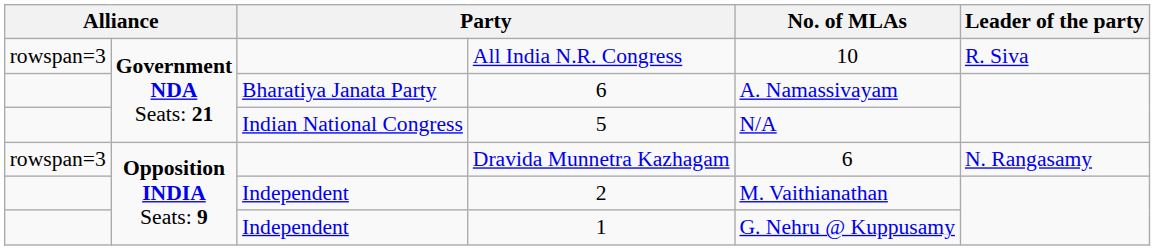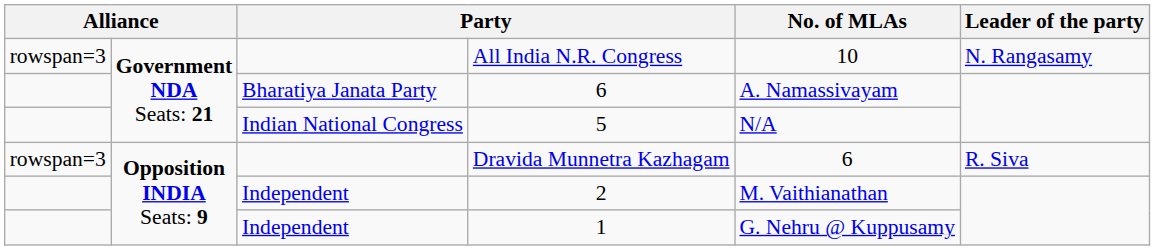 <table class="wikitable">
 <tr>
 <th colspan=2>Alliance</th>
 <th colspan=2>Party</th>
 <th>No. of MLAs</th>
 <th>Leader of the party</th>
 </tr>
 <tr>
 <td>rowspan=3 </td>
 <td rowspan=3 style="text-align:center;"><strong>Government<br><a href='#'>NDA</a></strong><br>Seats: <strong>21</strong></td>
 <td></td>
 <td><a href='#'>All India N.R. Congress</a></td>
 <td style="text-align:center;">10</td>
-<td><a href='#'>R. Siva</a></td>
+<td><a href='#'>N. Rangasamy</a></td>
 </tr>
 <tr>
 <td></td>
 <td><a href='#'>Bharatiya Janata Party</a></td>
 <td style="text-align:center;">6</td>
 <td><a href='#'>A. Namassivayam</a></td>
 </tr>
 <tr>
 <td></td>
 <td><a href='#'>Indian National Congress</a></td>
 <td style="text-align:center;">5</td>
 <td><a href='#'>N/A</a></td>
 </tr>
 <tr>
 <td>rowspan=3 </td>
 <td rowspan=3 style="text-align:center;"><strong>Opposition<br><a href='#'>INDIA</a></strong><br>Seats: <strong>9</strong></td>
 <td></td>
 <td><a href='#'>Dravida Munnetra Kazhagam</a></td>
 <td style="text-align:center;">6</td>
-<td><a href='#'>N. Rangasamy</a></td>
+<td><a href='#'>R. Siva</a></td>
 </tr>
 <tr>
 <td></td>
 <td><a href='#'>Independent</a></td>
 <td style="text-align:center;">2</td>
 <td><a href='#'>M. Vaithianathan</a></td>
 </tr>
 <tr>
 <td></td>
 <td><a href='#'>Independent</a></td>
 <td style="text-align:center;">1</td>
 <td><a href='#'>G. Nehru @ Kuppusamy</a></td>
 </tr>
 </table>
